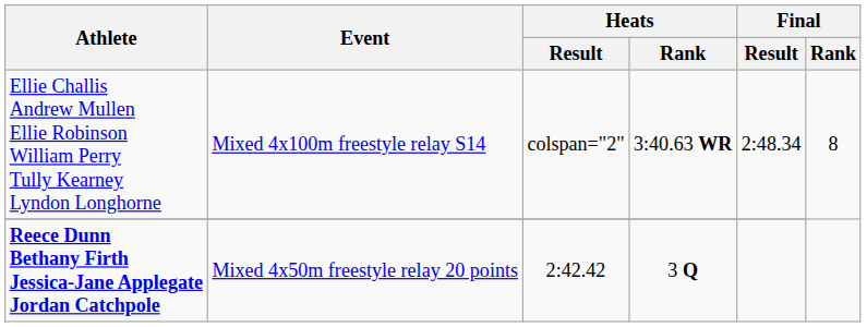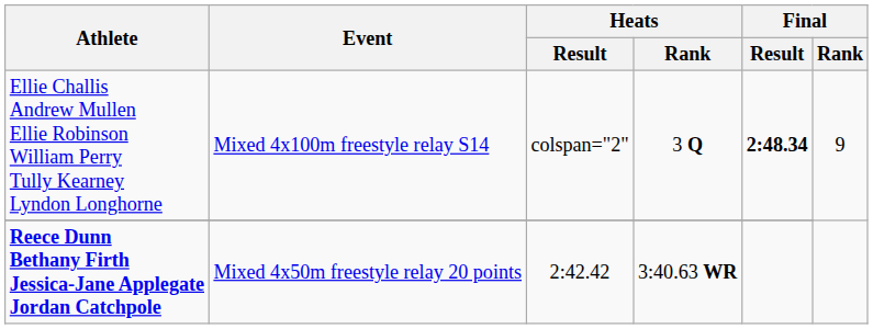 <table class=wikitable style="font-size:95%">
 <tr>
 <th rowspan="2">Athlete</th>
 <th rowspan="2">Event</th>
 <th colspan="2">Heats</th>
 <th colspan="2">Final</th>
 </tr>
 <tr>
 <th>Result</th>
 <th>Rank</th>
 <th>Result</th>
 <th>Rank</th>
 </tr>
 <tr align=center>
 <td align=left><a href='#'>Ellie Challis</a><br><a href='#'>Andrew Mullen</a><br><a href='#'>Ellie Robinson</a><br><a href='#'>William Perry</a><br><a href='#'>Tully Kearney</a><br><a href='#'>Lyndon Longhorne</a></td>
 <td align=left><a href='#'>Mixed 4x100m freestyle relay S14</a></td>
 <td>colspan="2" </td>
-<td>3:40.63 <strong>WR</strong></td>
-<td>2:48.34</td>
-<td>8</td>
+<td>3 <strong>Q</strong></td>
+<td><strong>2:48.34</strong></td>
+<td>9</td>
 </tr>
 <tr>
 </tr>
 <tr align=center>
 <td align=left><strong><a href='#'>Reece Dunn</a></strong><br><strong><a href='#'>Bethany Firth</a></strong><br><strong><a href='#'>Jessica-Jane Applegate</a></strong><br><strong><a href='#'>Jordan Catchpole</a></strong></td>
 <td align=left><a href='#'>Mixed 4x50m freestyle relay 20 points</a></td>
 <td>2:42.42</td>
-<td>3 <strong>Q</strong></td>
+<td>3:40.63 <strong>WR</strong></td>
 <td></td>
 </tr>
 </table>
